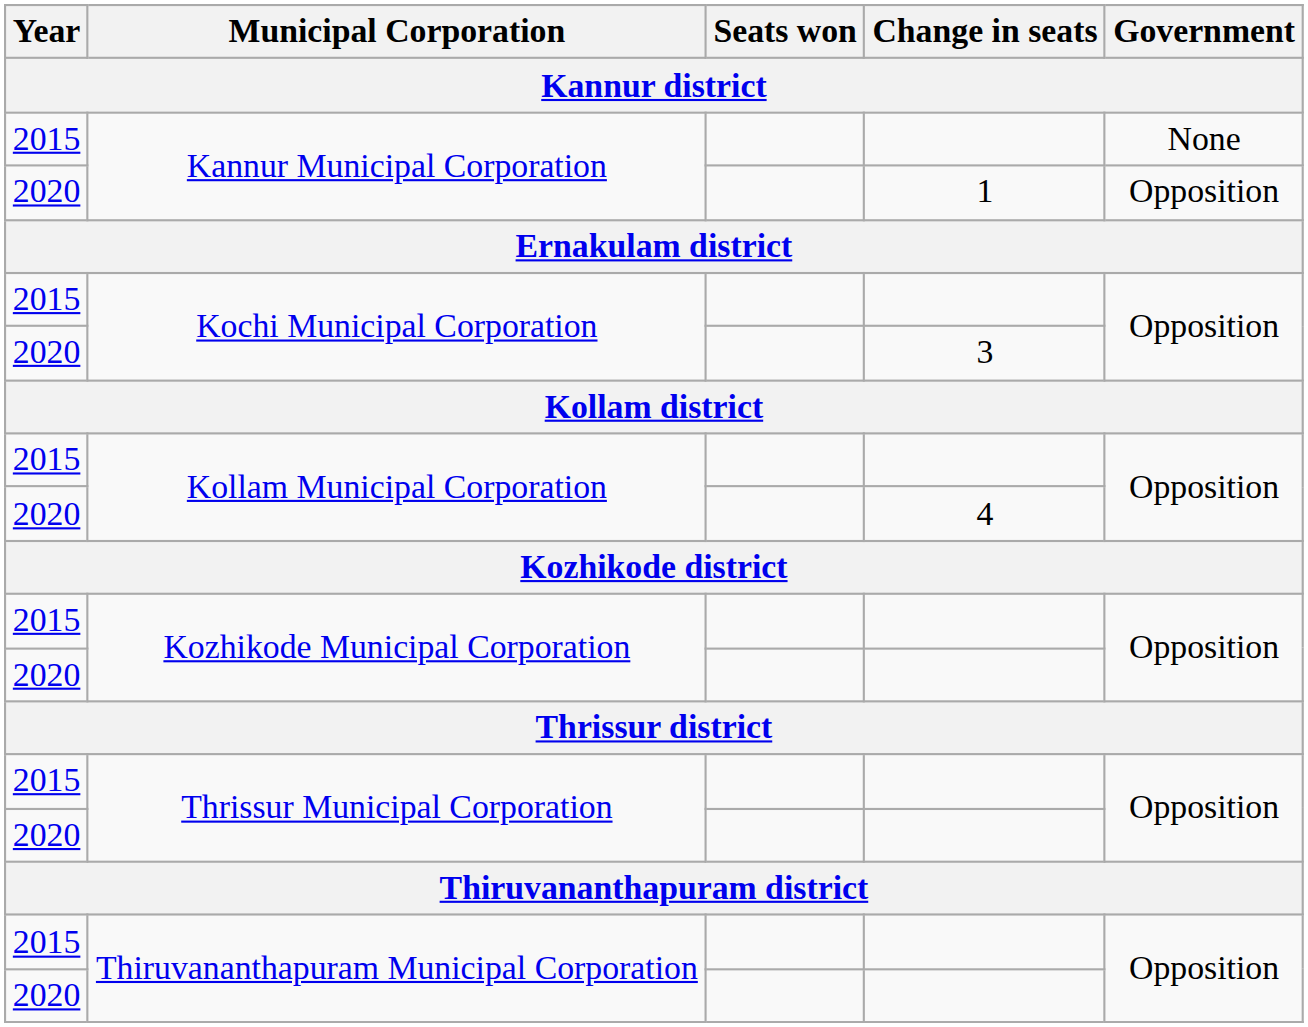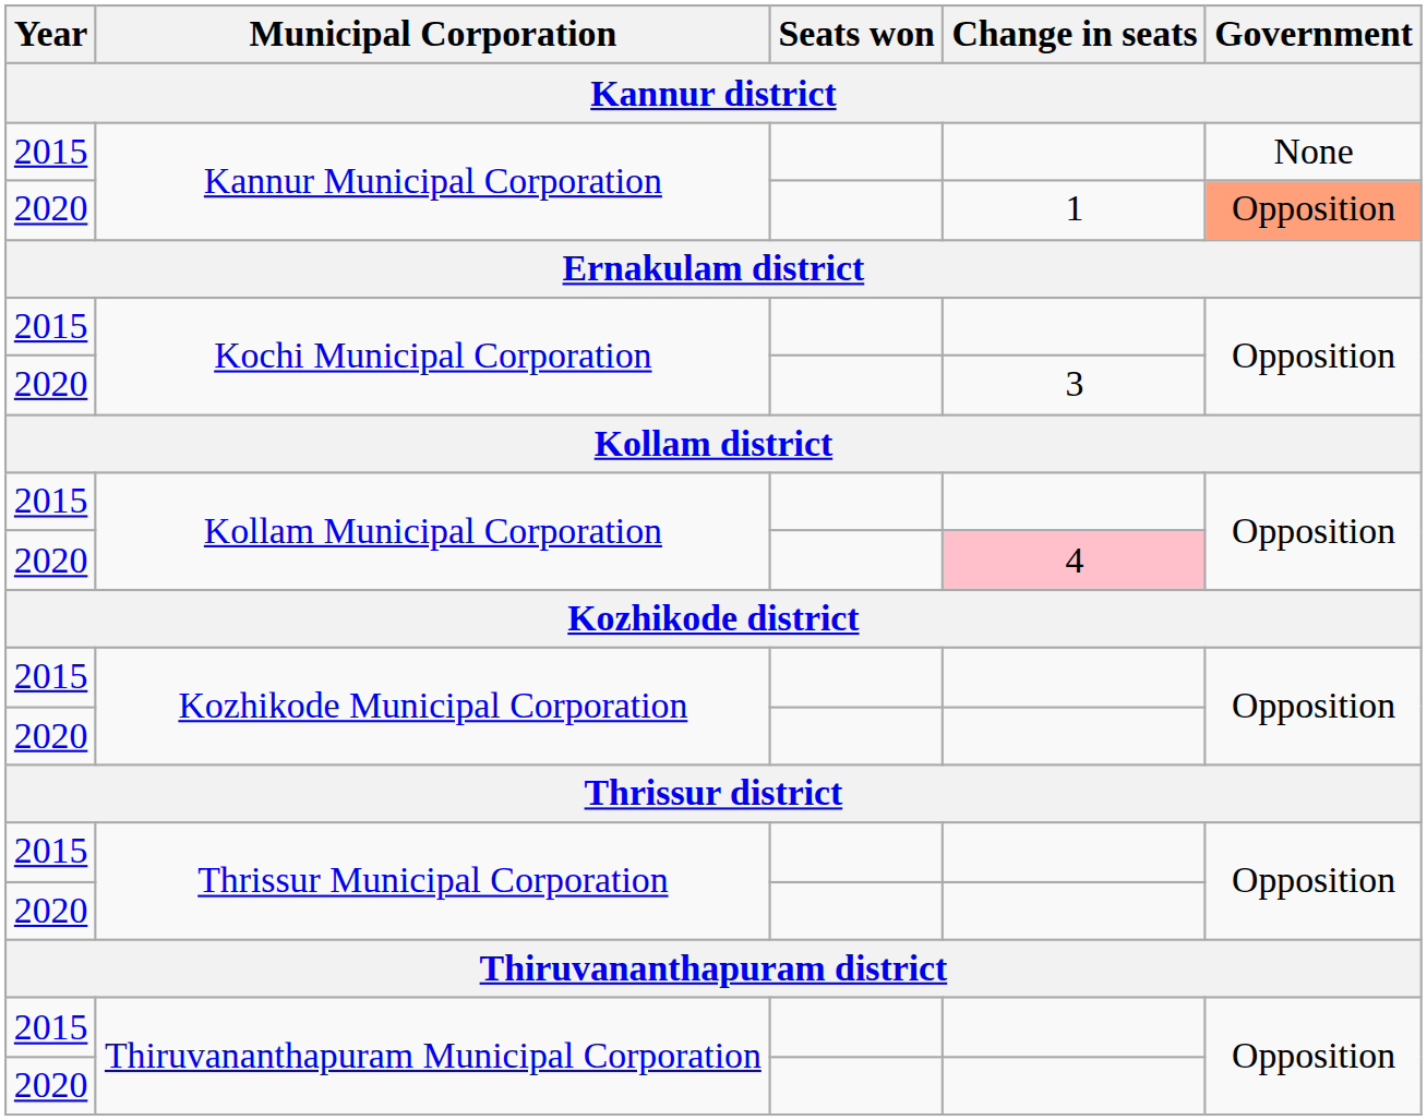 <table class="wikitable" style="text-align:center">
 <tr>
 <th Style="background-color:">Year</th>
 <th Style="background-color:">Municipal Corporation</th>
 <th Style="background-color:">Seats won</th>
 <th Style="background-color:">Change in seats</th>
 <th Style="background-color:">Government</th>
 </tr>
 <tr>
 <th colspan=8><a href='#'>Kannur district</a></th>
 </tr>
 <tr>
 <td><a href='#'>2015</a></td>
 <td rowspan=2><a href='#'>Kannur Municipal Corporation</a></td>
 <td></td>
 <td></td>
 <td>None</td>
 </tr>
 <tr>
 <td><a href='#'>2020</a></td>
 <td></td>
 <td>1</td>
-<td>Opposition</td>
+<td style="background: lightsalmon;">Opposition</td>
 </tr>
 <tr>
 <th colspan=8><a href='#'>Ernakulam district</a></th>
 </tr>
 <tr>
 <td><a href='#'>2015</a></td>
 <td rowspan=2><a href='#'>Kochi Municipal Corporation</a></td>
 <td></td>
 <td></td>
 <td rowspan=2>Opposition</td>
 </tr>
 <tr>
 <td><a href='#'>2020</a></td>
 <td></td>
 <td>3</td>
 </tr>
 <tr>
 <th colspan=8><a href='#'>Kollam district</a></th>
 </tr>
 <tr>
 <td><a href='#'>2015</a></td>
 <td rowspan=2><a href='#'>Kollam Municipal Corporation</a></td>
 <td></td>
 <td></td>
 <td rowspan=2>Opposition</td>
 </tr>
 <tr>
 <td><a href='#'>2020</a></td>
 <td></td>
-<td>4</td>
+<td style="background: pink;">4</td>
 </tr>
 <tr>
 <th colspan=8><a href='#'>Kozhikode district</a></th>
 </tr>
 <tr>
 <td><a href='#'>2015</a></td>
 <td rowspan=2><a href='#'>Kozhikode Municipal Corporation</a></td>
 <td></td>
 <td></td>
 <td rowspan=2>Opposition</td>
 </tr>
 <tr>
 <td><a href='#'>2020</a></td>
 <td></td>
 <td></td>
 </tr>
 <tr>
 <th colspan=8><a href='#'>Thrissur district</a></th>
 </tr>
 <tr>
 <td><a href='#'>2015</a></td>
 <td rowspan=2><a href='#'>Thrissur Municipal Corporation</a></td>
 <td></td>
 <td></td>
 <td rowspan=2>Opposition</td>
 </tr>
 <tr>
 <td><a href='#'>2020</a></td>
 <td></td>
 <td></td>
 </tr>
 <tr>
 <th colspan=8><a href='#'>Thiruvananthapuram district</a></th>
 </tr>
 <tr>
 <td><a href='#'>2015</a></td>
 <td rowspan=2><a href='#'>Thiruvananthapuram Municipal Corporation</a></td>
 <td></td>
 <td></td>
 <td rowspan=2>Opposition</td>
 </tr>
 <tr>
 <td><a href='#'>2020</a></td>
 <td></td>
 <td></td>
 </tr>
 </table>
